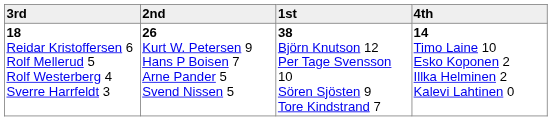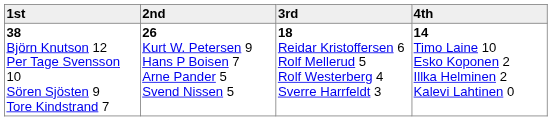 <table border=1 cellpadding=2 cellspacing=0 width=75% style="border-collapse:collapse">
 <tr align=left style="background:#efefef;">
+<th width=20% >1st</th>
+<th width=20% >2nd</th>
 <th width=20% >3rd</th>
-<th width=20% >2nd</th>
-<th width=20% >1st</th>
 <th width=20%>4th</th>
 </tr>
 <tr align=left>
+<td valign=top ><strong> 38</strong><br><a href='#'>Björn Knutson</a> 12<br><a href='#'>Per Tage Svensson</a> 10<br><a href='#'>Sören Sjösten</a> 9<br><a href='#'>Tore Kindstrand</a> 7</td>
+<td valign=top ><strong> 26</strong><br><a href='#'>Kurt W. Petersen</a> 9<br><a href='#'>Hans P Boisen</a> 7<br><a href='#'>Arne Pander</a> 5<br><a href='#'>Svend Nissen</a> 5</td>
 <td valign=top ><strong> 18</strong><br><a href='#'>Reidar Kristoffersen</a> 6<br><a href='#'>Rolf Mellerud</a> 5<br><a href='#'>Rolf Westerberg</a> 4<br><a href='#'>Sverre Harrfeldt</a> 3</td>
-<td valign=top ><strong> 26</strong><br><a href='#'>Kurt W. Petersen</a> 9<br><a href='#'>Hans P Boisen</a> 7<br><a href='#'>Arne Pander</a> 5<br><a href='#'>Svend Nissen</a> 5</td>
-<td valign=top ><strong> 38</strong><br><a href='#'>Björn Knutson</a> 12<br><a href='#'>Per Tage Svensson</a> 10<br><a href='#'>Sören Sjösten</a> 9<br><a href='#'>Tore Kindstrand</a> 7</td>
 <td valign=top><strong> 14</strong><br><a href='#'>Timo Laine</a> 10<br><a href='#'>Esko Koponen</a> 2<br><a href='#'>Illka Helminen</a> 2<br><a href='#'>Kalevi Lahtinen</a> 0</td>
 </tr>
 </table>
